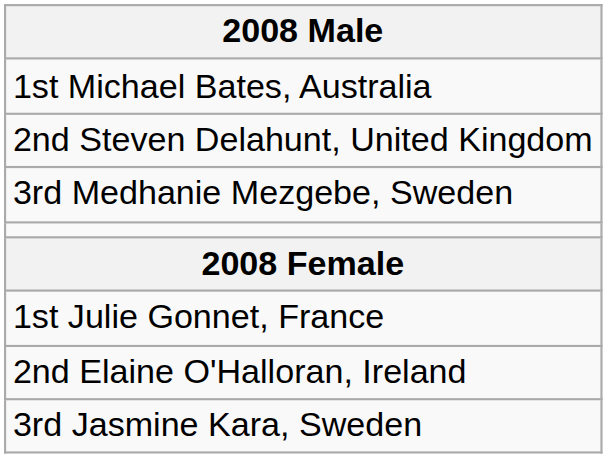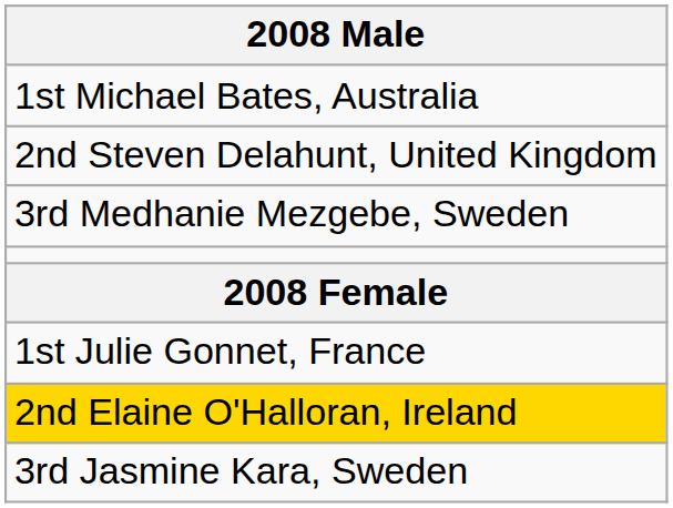 <table class="wikitable" style="float:left; margin-right:1em">
 <tr>
 <th>2008 Male</th>
 </tr>
 <tr>
 <td>1st Michael Bates, Australia</td>
 </tr>
 <tr>
 <td>2nd Steven Delahunt, United Kingdom</td>
 </tr>
 <tr>
 <td>3rd Medhanie Mezgebe, Sweden</td>
 </tr>
 <tr>
 <td></td>
 </tr>
 <tr>
 <th>2008 Female</th>
 </tr>
 <tr>
 <td>1st Julie Gonnet, France</td>
 </tr>
 <tr>
-<td>2nd Elaine O'Halloran, Ireland</td>
+<td style="background: gold;">2nd Elaine O'Halloran, Ireland</td>
 </tr>
 <tr>
 <td>3rd Jasmine Kara, Sweden</td>
 </tr>
 </table>
